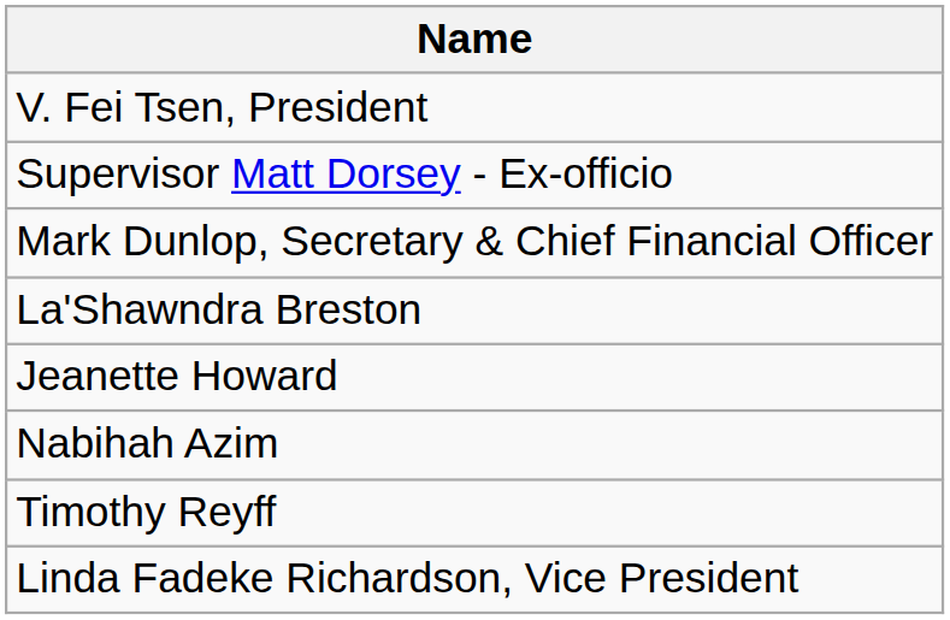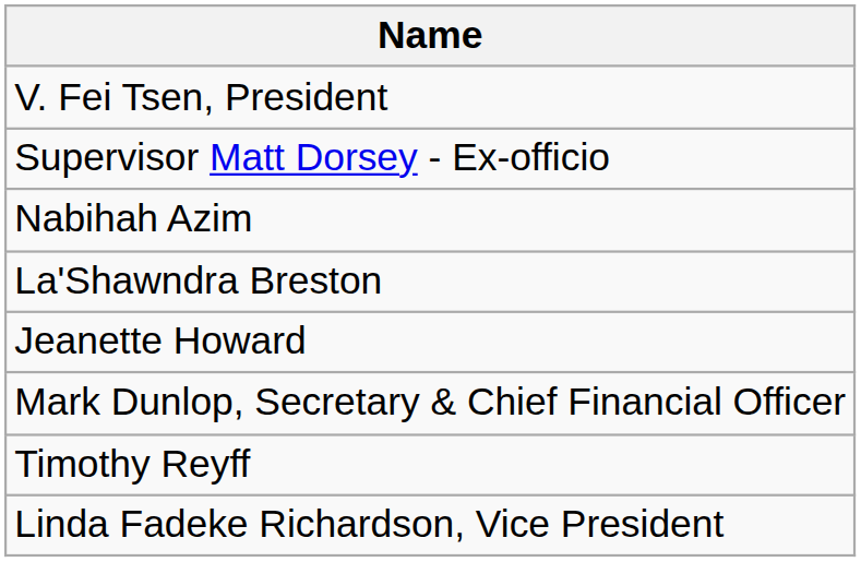 <table class="wikitable sortable">
 <tr>
 <th>Name</th>
 </tr>
 <tr>
 <td>V. Fei Tsen, President</td>
 </tr>
 <tr>
 <td>Supervisor <a href='#'>Matt Dorsey</a> - Ex-officio</td>
 </tr>
 <tr>
-<td>Mark Dunlop, Secretary & Chief Financial Officer</td>
+<td>Nabihah Azim</td>
 </tr>
 <tr>
 <td>La'Shawndra Breston</td>
 </tr>
 <tr>
 <td>Jeanette Howard</td>
 </tr>
 <tr>
-<td>Nabihah Azim</td>
+<td>Mark Dunlop, Secretary & Chief Financial Officer</td>
 </tr>
 <tr>
 <td>Timothy Reyff</td>
 </tr>
 <tr>
 <td>Linda Fadeke Richardson, Vice President</td>
 </tr>
 </table>
